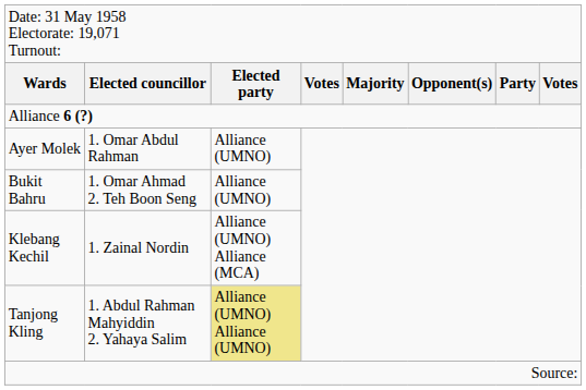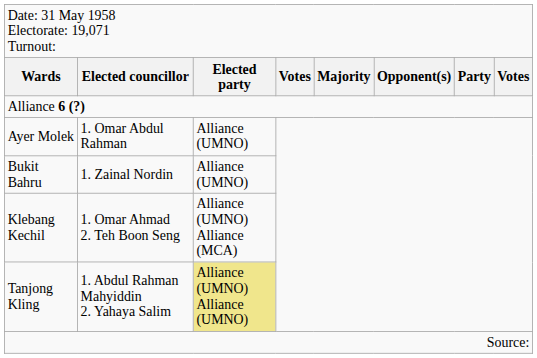 <table class=wikitable>
 <tr>
 <td colspan=8>Date: 31 May 1958<br>Electorate: 19,071<br>Turnout:</td>
 </tr>
 <tr>
 <th>Wards</th>
 <th>Elected councillor</th>
 <th>Elected party</th>
 <th>Votes</th>
 <th>Majority</th>
 <th>Opponent(s)</th>
 <th>Party</th>
 <th>Votes</th>
 </tr>
 <tr>
 <td colspan=8>Alliance <strong>6 (?)</strong> </td>
 </tr>
 <tr>
 <td>Ayer Molek</td>
 <td>1. Omar Abdul Rahman</td>
 <td>Alliance (UMNO)</td>
 </tr>
 <tr>
 <td>Bukit Bahru</td>
-<td>1. Omar Ahmad<br>2. Teh Boon Seng</td>
+<td>1. Zainal Nordin</td>
 <td>Alliance (UMNO)</td>
 </tr>
 <tr>
 <td>Klebang Kechil</td>
-<td>1. Zainal Nordin</td>
+<td>1. Omar Ahmad<br>2. Teh Boon Seng</td>
 <td>Alliance (UMNO)<br>Alliance (MCA)</td>
 </tr>
 <tr>
 <td>Tanjong Kling</td>
 <td>1. Abdul Rahman Mahyiddin<br>2. Yahaya Salim</td>
 <td style="background: khaki;">Alliance (UMNO)<br>Alliance (UMNO)</td>
 </tr>
 <tr>
 <td colspan="8" style="text-align:right;">Source: </td>
 </tr>
 </table>
